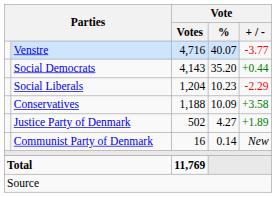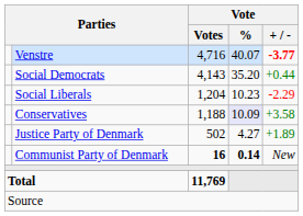 <table class="wikitable" style="text-align:right;">
 <tr>
 <th style="text-align:centre;" rowspan="2" colspan="2" width="225">Parties</th>
 <th colspan="3">Vote</th>
 </tr>
 <tr>
 <th width="15">Votes</th>
 <th width="15">%</th>
 <th width="15">+ / -</th>
 </tr>
 <tr>
 <td width="2" style="color:inherit;background:"></td>
 <td bgcolor=#cfe5fe  align="left"><a href='#'>Venstre</a></td>
 <td bgcolor=#cfe5fe>4,716</td>
 <td bgcolor=#cfe5fe>40.07</td>
-<td style=color:red;>-3.77</td>
+<td style=color:red;><strong>-3.77</strong></td>
 </tr>
 <tr>
 <td width="2" style="color:inherit;background:"></td>
 <td align="left"><a href='#'>Social Democrats</a></td>
 <td>4,143</td>
 <td>35.20</td>
 <td style=color:green;>+0.44</td>
 </tr>
 <tr>
 <td width="2" style="color:inherit;background:"></td>
 <td align="left"><a href='#'>Social Liberals</a></td>
 <td>1,204</td>
 <td>10.23</td>
 <td style=color:red;>-2.29</td>
 </tr>
 <tr>
 <td width="2" style="color:inherit;background:"></td>
 <td align="left"><a href='#'>Conservatives</a></td>
 <td>1,188</td>
-<td>10.09</td>
+<td style="background: lavender;">10.09</td>
 <td style=color:green;>+3.58</td>
 </tr>
 <tr>
 <td width="2" style="color:inherit;background:"></td>
 <td align="left"><a href='#'>Justice Party of Denmark</a></td>
 <td>502</td>
 <td>4.27</td>
 <td style=color:green;>+1.89</td>
 </tr>
 <tr>
 <td width="2" style="color:inherit;background:"></td>
 <td align="left"><a href='#'>Communist Party of Denmark</a></td>
-<td>16</td>
-<td>0.14</td>
+<td><strong>16</strong></td>
+<td><strong>0.14</strong></td>
 <td><em>New</em></td>
 </tr>
 <tr>
 <td colspan="7" bgcolor="#E9E9E9"></td>
 </tr>
 <tr>
 <td align="left" colspan="2"><strong>Total</strong></td>
 <td><strong>11,769</strong></td>
 <td bgcolor="#E9E9E9" colspan="2"></td>
 </tr>
 <tr>
 <td align="left" colspan="6">Source</td>
 </tr>
 </table>
